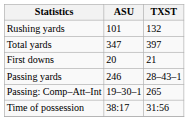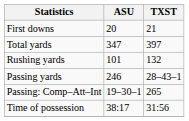 <table class="wikitable" style="float: left;">
 <tr>
 <th>Statistics</th>
 <th>ASU</th>
 <th>TXST</th>
 </tr>
 <tr>
-<td>Rushing yards</td>
-<td>101</td>
-<td>132</td>
+<td>First downs</td>
+<td>20</td>
+<td>21</td>
 </tr>
 <tr>
 <td>Total yards</td>
 <td>347</td>
 <td>397</td>
 </tr>
 <tr>
-<td>First downs</td>
-<td>20</td>
-<td>21</td>
+<td>Rushing yards</td>
+<td>101</td>
+<td>132</td>
 </tr>
 <tr>
 <td>Passing yards</td>
 <td>246</td>
 <td>28–43–1</td>
 </tr>
 <tr>
 <td>Passing: Comp–Att–Int</td>
 <td>19–30–1</td>
 <td>265</td>
 </tr>
 <tr>
 <td>Time of possession</td>
 <td>38:17</td>
 <td>31:56</td>
 </tr>
 <tr>
 </tr>
 </table>
